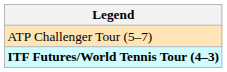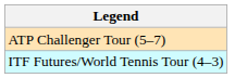 <table class="wikitable">
 <tr>
 <th>Legend</th>
 </tr>
 <tr bgcolor=moccasin>
 <td>ATP Challenger Tour (5–7)</td>
 </tr>
 <tr bgcolor=CFFCFF>
-<td><strong>ITF Futures/World Tennis Tour (4–3)</strong></td>
+<td>ITF Futures/World Tennis Tour (4–3)</td>
 </tr>
 </table>
